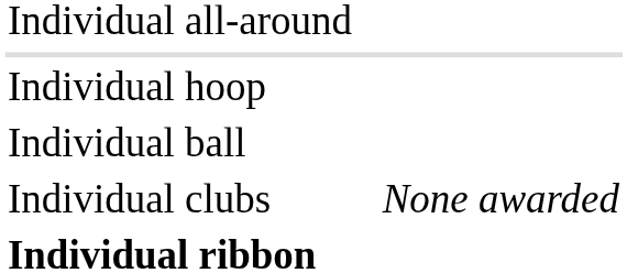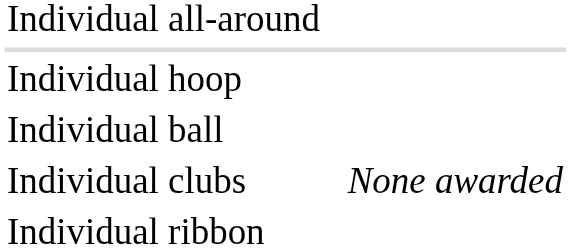 <table>
 <tr>
 <td>Individual all-around<br></td>
 <td></td>
 <td></td>
 <td></td>
 </tr>
 <tr bgcolor=#DDDDDD>
 <td colspan=7></td>
 </tr>
 <tr>
 <td rowspan="2">Individual hoop<br></td>
 <td rowspan="2"></td>
 <td rowspan="2"></td>
 <td></td>
 </tr>
 <tr>
 <td></td>
 </tr>
 <tr>
 <td>Individual ball<br></td>
 <td></td>
 <td></td>
 <td></td>
 </tr>
 <tr>
 <td rowspan="2">Individual clubs<br></td>
 <td rowspan="2"></td>
 <td></td>
 <td rowspan="2"><em>None awarded</em></td>
 </tr>
 <tr>
 <td></td>
 </tr>
 <tr>
-<td><strong>Individual ribbon<br></strong></td>
+<td>Individual ribbon<br></td>
 <td></td>
 <td></td>
 <td></td>
 </tr>
 </table>
